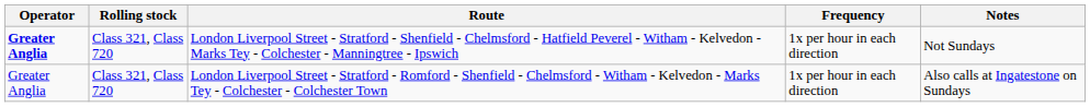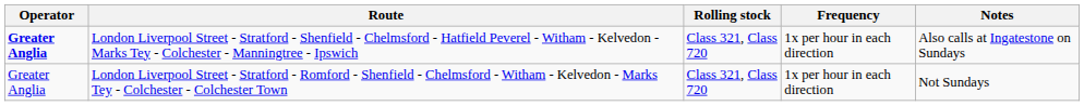 <table class="wikitable vatop">
 <tr>
 <th>Operator</th>
+<th>Route</th>
 <th>Rolling stock</th>
-<th>Route</th>
 <th>Frequency</th>
 <th>Notes</th>
 </tr>
 <tr>
 <td><strong><a href='#'>Greater Anglia</a></strong></td>
+<td><a href='#'>London Liverpool Street</a> - <a href='#'>Stratford</a> - <a href='#'>Shenfield</a> - <a href='#'>Chelmsford</a> - <a href='#'>Hatfield Peverel</a> - <a href='#'>Witham</a> - Kelvedon - <a href='#'>Marks Tey</a> - <a href='#'>Colchester</a> - <a href='#'>Manningtree</a> - <a href='#'>Ipswich</a></td>
 <td><a href='#'>Class 321</a>, <a href='#'>Class 720</a></td>
-<td><a href='#'>London Liverpool Street</a> - <a href='#'>Stratford</a> - <a href='#'>Shenfield</a> - <a href='#'>Chelmsford</a> - <a href='#'>Hatfield Peverel</a> - <a href='#'>Witham</a> - Kelvedon - <a href='#'>Marks Tey</a> - <a href='#'>Colchester</a> - <a href='#'>Manningtree</a> - <a href='#'>Ipswich</a></td>
+<td>1x per hour in each direction</td>
+<td>Also calls at <a href='#'>Ingatestone</a> on Sundays</td>
+</tr>
+<tr>
+<td><a href='#'>Greater Anglia</a></td>
+<td><a href='#'>London Liverpool Street</a> - <a href='#'>Stratford</a> - <a href='#'>Romford</a> - <a href='#'>Shenfield</a> - <a href='#'>Chelmsford</a> - <a href='#'>Witham</a> - Kelvedon - <a href='#'>Marks Tey</a> - <a href='#'>Colchester</a> - <a href='#'>Colchester Town</a></td>
+<td><a href='#'>Class 321</a>, <a href='#'>Class 720</a></td>
 <td>1x per hour in each direction</td>
 <td>Not Sundays</td>
 </tr>
-<tr>
-<td><a href='#'>Greater Anglia</a></td>
-<td><a href='#'>Class 321</a>, <a href='#'>Class 720</a></td>
-<td><a href='#'>London Liverpool Street</a> - <a href='#'>Stratford</a> - <a href='#'>Romford</a> - <a href='#'>Shenfield</a> - <a href='#'>Chelmsford</a> - <a href='#'>Witham</a> - Kelvedon - <a href='#'>Marks Tey</a> - <a href='#'>Colchester</a> - <a href='#'>Colchester Town</a></td>
-<td>1x per hour in each direction</td>
-<td>Also calls at <a href='#'>Ingatestone</a> on Sundays</td>
-</tr>
 </table>
